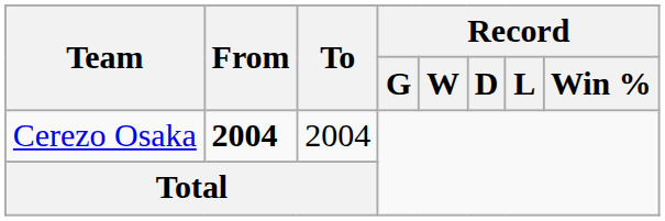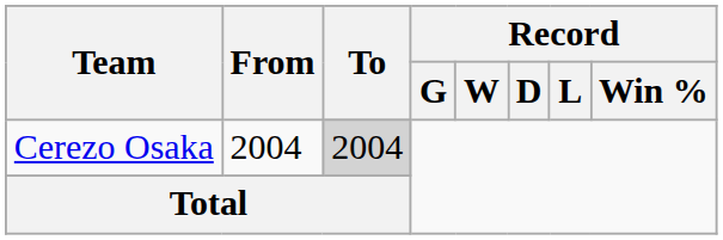 <table class="wikitable" style="text-align: center">
 <tr>
 <th rowspan="2">Team</th>
 <th rowspan="2">From</th>
 <th rowspan="2">To</th>
 <th colspan="5">Record</th>
 </tr>
 <tr>
 <th>G</th>
 <th>W</th>
 <th>D</th>
 <th>L</th>
 <th>Win %</th>
 </tr>
 <tr>
 <td align="left"><a href='#'>Cerezo Osaka</a></td>
-<td align="left"><strong>2004</strong></td>
-<td align="left">2004<br></td>
+<td align="left">2004</td>
+<td align="left" style="background: lightgrey;">2004<br></td>
 </tr>
 <tr>
 <th colspan="3">Total<br></th>
 </tr>
 </table>
